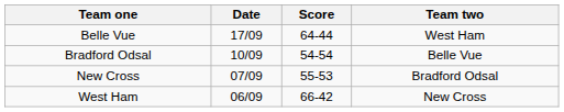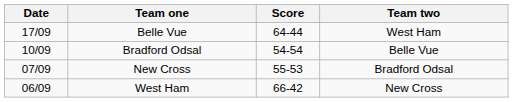 <table class="wikitable" style="text-align: center">
 <tr>
+<th width=80>Date</th>
 <th width=250>Team one</th>
-<th width=80>Date</th>
 <th width=80>Score</th>
 <th width=250>Team two</th>
 </tr>
 <tr>
+<td>17/09</td>
 <td>Belle Vue</td>
-<td>17/09</td>
 <td>64-44</td>
 <td>West Ham</td>
 </tr>
 <tr>
+<td>10/09</td>
 <td>Bradford Odsal</td>
-<td>10/09</td>
 <td>54-54</td>
 <td>Belle Vue</td>
 </tr>
 <tr>
+<td>07/09</td>
 <td>New Cross</td>
-<td>07/09</td>
 <td>55-53</td>
 <td>Bradford Odsal</td>
 </tr>
 <tr>
+<td>06/09</td>
 <td>West Ham</td>
-<td>06/09</td>
 <td>66-42</td>
 <td>New Cross</td>
 </tr>
 </table>
